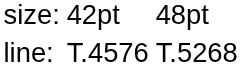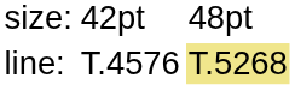 <table style="margin-left:40px;">
 <tr>
 <td>size:</td>
 <td>42pt</td>
 <td>48pt</td>
 </tr>
 <tr>
 <td>line:</td>
 <td>T.4576</td>
-<td>T.5268</td>
+<td style="background: khaki;">T.5268</td>
 </tr>
 </table>
